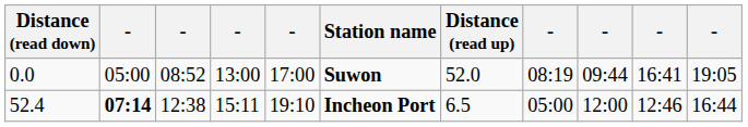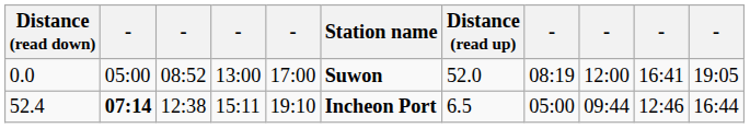 <table class="wikitable">
 <tr>
 <th>Distance<br><small>(read down)</small></th>
 <th><strong>-</strong></th>
 <th><strong>-</strong></th>
 <th><strong>-</strong></th>
 <th><strong>-</strong></th>
 <th>Station name</th>
 <th>Distance<br><small>(read up)</small></th>
 <th><strong>-</strong></th>
 <th><strong>-</strong></th>
 <th><strong>-</strong></th>
 <th><strong>-</strong></th>
 </tr>
 <tr>
 <td>0.0</td>
 <td>05:00</td>
 <td>08:52</td>
 <td>13:00</td>
 <td>17:00</td>
 <td><strong>Suwon</strong></td>
 <td>52.0</td>
 <td>08:19</td>
-<td>09:44</td>
+<td>12:00</td>
 <td>16:41</td>
 <td>19:05</td>
 </tr>
 <tr>
 <td>52.4</td>
 <td><strong>07:14</strong></td>
 <td>12:38</td>
 <td>15:11</td>
 <td>19:10</td>
 <td><strong>Incheon Port</strong></td>
 <td>6.5</td>
 <td>05:00</td>
-<td>12:00</td>
+<td>09:44</td>
 <td>12:46</td>
 <td>16:44</td>
 </tr>
 </table>
